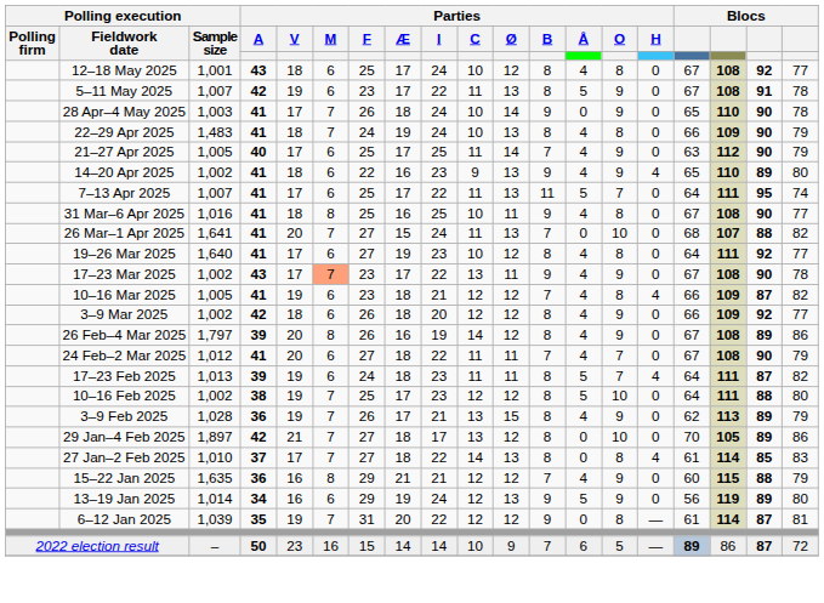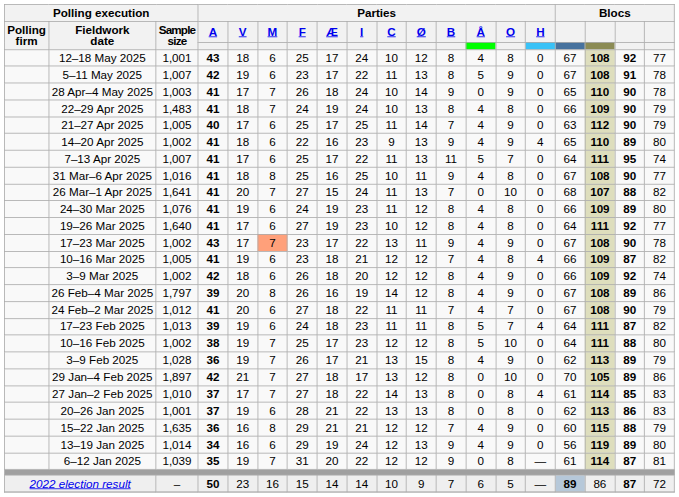 <table class="wikitable sortable mw-datatable" style="text-align:center;font-size:90%;line-height:14px;">
 <tr>
 <th colspan="3"><strong>Polling execution</strong></th>
 <th colspan="12">Parties</th>
 <th colspan="4">Blocs</th>
 </tr>
 <tr>
 <th rowspan="2">Polling<br>firm</th>
 <th rowspan="2">Fieldwork<br>date</th>
 <th rowspan="2" class="unsortable" style="letter-spacing:-1px;">Sample<br>size</th>
 <th class="unsortable" style="width:30px;"><a href='#'>A</a></th>
 <th class="unsortable" style="width:30px;"><a href='#'>V</a></th>
 <th class="unsortable" style="width:30px;"><a href='#'>M</a></th>
 <th class="unsortable" style="width:30px;"><a href='#'>F</a></th>
 <th class="unsortable" style="width:30px;"><a href='#'>Æ</a></th>
 <th class="unsortable" style="width:30px;"><a href='#'>I</a></th>
 <th class="unsortable" style="width:30px;"><a href='#'>C</a></th>
 <th class="unsortable" style="width:30px;"><a href='#'>Ø</a></th>
 <th class="unsortable" style="width:30px;"><a href='#'>B</a></th>
 <th class="unsortable" style="width:30px;"><a href='#'>Å</a></th>
 <th class="unsortable" style="width:30px;"><a href='#'>O</a></th>
 <th class="unsortable" style="width:30px;"><a href='#'>H</a></th>
 <th class="unsortable" style="width:30px;"></th>
 <th class="unsortable" style="width:30px;"></th>
 <th class="unsortable" style="width:30px;"></th>
 <th class="unsortable" style="width:30px;"></th>
 </tr>
 <tr>
 <th data-sort-type="number" style="background:"></th>
 <th data-sort-type="number" style="background:"></th>
 <th data-sort-type="number" style="background:"></th>
 <th data-sort-type="number" style="background:"></th>
 <th data-sort-type="number" style="background:"></th>
 <th data-sort-type="number" style="background:"></th>
 <th data-sort-type="number" style="background:"></th>
 <th data-sort-type="number" style="background:"></th>
 <th data-sort-type="number" style="background:"></th>
 <th data-sort-type="number" style="background:#00FF00;"></th>
 <th data-sort-type="number" style="background:"></th>
 <th data-sort-type="number" style="background:#39c2f7;"></th>
 <th data-sort-type="number" style="background:#47729E;"></th>
 <th data-sort-type="number" style="background:#8B8B54;"></th>
 <th data-sort-type="number" style="background:"></th>
 <th data-sort-type="number" style="background:"></th>
 </tr>
 <tr>
 <td></td>
 <td>12–18 May 2025</td>
 <td>1,001</td>
 <td><strong>43</strong></td>
 <td>18</td>
 <td>6</td>
 <td>25</td>
 <td>17</td>
 <td>24</td>
 <td>10</td>
 <td>12</td>
 <td>8</td>
 <td>4</td>
 <td>8</td>
 <td>0</td>
 <td>67</td>
 <td style="background:#DEDEBD;"><strong>108</strong></td>
 <td><strong>92</strong></td>
 <td>77</td>
 </tr>
 <tr>
 <td></td>
 <td>5–11 May 2025</td>
 <td>1,007</td>
 <td><strong>42</strong></td>
 <td>19</td>
 <td>6</td>
 <td>23</td>
 <td>17</td>
 <td>22</td>
 <td>11</td>
 <td>13</td>
 <td>8</td>
 <td>5</td>
 <td>9</td>
 <td>0</td>
 <td>67</td>
 <td style="background:#DEDEBD;"><strong>108</strong></td>
 <td><strong>91</strong></td>
 <td>78</td>
 </tr>
 <tr>
 <td></td>
 <td>28 Apr–4 May 2025</td>
 <td>1,003</td>
 <td><strong>41</strong></td>
 <td>17</td>
 <td>7</td>
 <td>26</td>
 <td>18</td>
 <td>24</td>
 <td>10</td>
 <td>14</td>
 <td>9</td>
 <td>0</td>
 <td>9</td>
 <td>0</td>
 <td>65</td>
 <td style="background:#DEDEBD;"><strong>110</strong></td>
 <td><strong>90</strong></td>
 <td>78</td>
 </tr>
 <tr>
 <td></td>
 <td>22–29 Apr 2025</td>
 <td>1,483</td>
 <td><strong>41</strong></td>
 <td>18</td>
 <td>7</td>
 <td>24</td>
 <td>19</td>
 <td>24</td>
 <td>10</td>
 <td>13</td>
 <td>8</td>
 <td>4</td>
 <td>8</td>
 <td>0</td>
 <td>66</td>
 <td style="background:#DEDEBD;"><strong>109</strong></td>
 <td><strong>90</strong></td>
 <td>79</td>
 </tr>
 <tr>
 <td></td>
 <td>21–27 Apr 2025</td>
 <td>1,005</td>
 <td><strong>40</strong></td>
 <td>17</td>
 <td>6</td>
 <td>25</td>
 <td>17</td>
 <td>25</td>
 <td>11</td>
 <td>14</td>
 <td>7</td>
 <td>4</td>
 <td>9</td>
 <td>0</td>
 <td>63</td>
 <td style="background:#DEDEBD;"><strong>112</strong></td>
 <td><strong>90</strong></td>
 <td>79</td>
 </tr>
 <tr>
 <td></td>
 <td>14–20 Apr 2025</td>
 <td>1,002</td>
 <td><strong>41</strong></td>
 <td>18</td>
 <td>6</td>
 <td>22</td>
 <td>16</td>
 <td>23</td>
 <td>9</td>
 <td>13</td>
 <td>9</td>
 <td>4</td>
 <td>9</td>
 <td>4</td>
 <td>65</td>
 <td style="background:#DEDEBD;"><strong>110</strong></td>
 <td><strong>89</strong></td>
 <td>80</td>
 </tr>
 <tr>
 <td></td>
 <td>7–13 Apr 2025</td>
 <td>1,007</td>
 <td><strong>41</strong></td>
 <td>17</td>
 <td>6</td>
 <td>25</td>
 <td>17</td>
 <td>22</td>
 <td>11</td>
 <td>13</td>
 <td>11</td>
 <td>5</td>
 <td>7</td>
 <td>0</td>
 <td>64</td>
 <td style="background:#DEDEBD;"><strong>111</strong></td>
 <td><strong>95</strong></td>
 <td>74</td>
 </tr>
 <tr>
 <td></td>
 <td>31 Mar–6 Apr 2025</td>
 <td>1,016</td>
 <td><strong>41</strong></td>
 <td>18</td>
 <td>8</td>
 <td>25</td>
 <td>16</td>
 <td>25</td>
 <td>10</td>
 <td>11</td>
 <td>9</td>
 <td>4</td>
 <td>8</td>
 <td>0</td>
 <td>67</td>
 <td style="background:#DEDEBD;"><strong>108</strong></td>
 <td><strong>90</strong></td>
 <td>77</td>
 </tr>
 <tr>
 <td></td>
 <td>26 Mar–1 Apr 2025</td>
 <td>1,641</td>
 <td><strong>41</strong></td>
 <td>20</td>
 <td>7</td>
 <td>27</td>
 <td>15</td>
 <td>24</td>
 <td>11</td>
 <td>13</td>
 <td>7</td>
 <td>0</td>
 <td>10</td>
 <td>0</td>
 <td>68</td>
 <td style="background:#DEDEBD;"><strong>107</strong></td>
 <td><strong>88</strong></td>
 <td>82</td>
 </tr>
 <tr>
 <td></td>
+<td>24–30 Mar 2025</td>
+<td>1,076</td>
+<td><strong>41</strong></td>
+<td>19</td>
+<td>6</td>
+<td>24</td>
+<td>19</td>
+<td>23</td>
+<td>11</td>
+<td>12</td>
+<td>8</td>
+<td>4</td>
+<td>8</td>
+<td>0</td>
+<td>66</td>
+<td style="background:#DEDEBD;"><strong>109</strong></td>
+<td><strong>89</strong></td>
+<td>80</td>
+</tr>
+<tr>
+<td></td>
 <td>19–26 Mar 2025</td>
 <td>1,640</td>
 <td><strong>41</strong></td>
 <td>17</td>
 <td>6</td>
 <td>27</td>
 <td>19</td>
 <td>23</td>
 <td>10</td>
 <td>12</td>
 <td>8</td>
 <td>4</td>
 <td>8</td>
 <td>0</td>
 <td>64</td>
 <td style="background:#DEDEBD;"><strong>111</strong></td>
 <td><strong>92</strong></td>
 <td>77</td>
 </tr>
 <tr>
 <td></td>
 <td>17–23 Mar 2025</td>
 <td>1,002</td>
 <td><strong>43</strong></td>
 <td>17</td>
 <td style="background: lightsalmon;">7</td>
 <td>23</td>
 <td>17</td>
 <td>22</td>
 <td>13</td>
 <td>11</td>
 <td>9</td>
 <td>4</td>
 <td>9</td>
 <td>0</td>
 <td>67</td>
 <td style="background:#DEDEBD;"><strong>108</strong></td>
 <td><strong>90</strong></td>
 <td>78</td>
 </tr>
 <tr>
 <td></td>
 <td>10–16 Mar 2025</td>
 <td>1,005</td>
 <td><strong>41</strong></td>
 <td>19</td>
 <td>6</td>
 <td>23</td>
 <td>18</td>
 <td>21</td>
 <td>12</td>
 <td>12</td>
 <td>7</td>
 <td>4</td>
 <td>8</td>
 <td>4</td>
 <td>66</td>
 <td style="background:#DEDEBD;"><strong>109</strong></td>
 <td><strong>87</strong></td>
 <td>82</td>
 </tr>
 <tr>
 <td></td>
 <td>3–9 Mar 2025</td>
 <td>1,002</td>
 <td><strong>42</strong></td>
 <td>18</td>
 <td>6</td>
 <td>26</td>
 <td>18</td>
 <td>20</td>
 <td>12</td>
 <td>12</td>
 <td>8</td>
 <td>4</td>
 <td>9</td>
 <td>0</td>
 <td>66</td>
 <td style="background:#DEDEBD;"><strong>109</strong></td>
 <td><strong>92</strong></td>
-<td>77</td>
+<td>74</td>
 </tr>
 <tr>
 <td></td>
 <td>26 Feb–4 Mar 2025</td>
 <td>1,797</td>
 <td><strong>39</strong></td>
 <td>20</td>
 <td>8</td>
 <td>26</td>
 <td>16</td>
 <td>19</td>
 <td>14</td>
 <td>12</td>
 <td>8</td>
 <td>4</td>
 <td>9</td>
 <td>0</td>
 <td>67</td>
 <td style="background:#DEDEBD;"><strong>108</strong></td>
 <td><strong>89</strong></td>
 <td>86</td>
 </tr>
 <tr>
 <td></td>
 <td>24 Feb–2 Mar 2025</td>
 <td>1,012</td>
 <td><strong>41</strong></td>
 <td>20</td>
 <td>6</td>
 <td>27</td>
 <td>18</td>
 <td>22</td>
 <td>11</td>
 <td>11</td>
 <td>7</td>
 <td>4</td>
 <td>7</td>
 <td>0</td>
 <td>67</td>
 <td style="background:#DEDEBD;"><strong>108</strong></td>
 <td><strong>90</strong></td>
 <td>79</td>
 </tr>
 <tr>
 <td></td>
 <td>17–23 Feb 2025</td>
 <td>1,013</td>
 <td><strong>39</strong></td>
 <td>19</td>
 <td>6</td>
 <td>24</td>
 <td>18</td>
 <td>23</td>
 <td>11</td>
 <td>11</td>
 <td>8</td>
 <td>5</td>
 <td>7</td>
 <td>4</td>
 <td>64</td>
 <td style="background:#DEDEBD;"><strong>111</strong></td>
 <td><strong>87</strong></td>
 <td>82</td>
 </tr>
 <tr>
 <td></td>
 <td>10–16 Feb 2025</td>
 <td>1,002</td>
 <td><strong>38</strong></td>
 <td>19</td>
 <td>7</td>
 <td>25</td>
 <td>17</td>
 <td>23</td>
 <td>12</td>
 <td>12</td>
 <td>8</td>
 <td>5</td>
 <td>10</td>
 <td>0</td>
 <td>64</td>
 <td style="background:#DEDEBD;"><strong>111</strong></td>
 <td><strong>88</strong></td>
 <td>80</td>
 </tr>
 <tr>
 <td></td>
 <td>3–9 Feb 2025</td>
 <td>1,028</td>
 <td><strong>36</strong></td>
 <td>19</td>
 <td>7</td>
 <td>26</td>
 <td>17</td>
 <td>21</td>
 <td>13</td>
 <td>15</td>
 <td>8</td>
 <td>4</td>
 <td>9</td>
 <td>0</td>
 <td>62</td>
 <td style="background:#DEDEBD;"><strong>113</strong></td>
 <td><strong>89</strong></td>
 <td>79</td>
 </tr>
 <tr>
 <td></td>
 <td>29 Jan–4 Feb 2025</td>
 <td>1,897</td>
 <td><strong>42</strong></td>
 <td>21</td>
 <td>7</td>
 <td>27</td>
 <td>18</td>
 <td>17</td>
 <td>13</td>
 <td>12</td>
 <td>8</td>
 <td>0</td>
 <td>10</td>
 <td>0</td>
 <td>70</td>
 <td style="background:#DEDEBD;"><strong>105</strong></td>
 <td><strong>89</strong></td>
 <td>86</td>
 </tr>
 <tr>
 <td></td>
 <td>27 Jan–2 Feb 2025</td>
 <td>1,010</td>
 <td><strong>37</strong></td>
 <td>17</td>
 <td>7</td>
 <td>27</td>
 <td>18</td>
 <td>22</td>
 <td>14</td>
 <td>13</td>
 <td>8</td>
 <td>0</td>
 <td>8</td>
 <td>4</td>
 <td>61</td>
 <td style="background:#DEDEBD;"><strong>114</strong></td>
 <td><strong>85</strong></td>
 <td>83</td>
 </tr>
 <tr>
 <td></td>
+<td>20–26 Jan 2025</td>
+<td>1,001</td>
+<td><strong>37</strong></td>
+<td>19</td>
+<td>6</td>
+<td>28</td>
+<td>21</td>
+<td>22</td>
+<td>13</td>
+<td>13</td>
+<td>8</td>
+<td>0</td>
+<td>8</td>
+<td>0</td>
+<td>62</td>
+<td style="background:#DEDEBD;"><strong>113</strong></td>
+<td><strong>86</strong></td>
+<td>83</td>
+</tr>
+<tr>
+<td></td>
 <td>15–22 Jan 2025</td>
 <td>1,635</td>
 <td><strong>36</strong></td>
 <td>16</td>
 <td>8</td>
 <td>29</td>
 <td>21</td>
 <td>21</td>
 <td>12</td>
 <td>12</td>
 <td>7</td>
 <td>4</td>
 <td>9</td>
 <td>0</td>
 <td>60</td>
 <td style="background:#DEDEBD;"><strong>115</strong></td>
 <td><strong>88</strong></td>
 <td>79</td>
 </tr>
 <tr>
 <td></td>
 <td>13–19 Jan 2025</td>
 <td>1,014</td>
 <td><strong>34</strong></td>
 <td>16</td>
 <td>6</td>
 <td>29</td>
 <td>19</td>
 <td>24</td>
 <td>12</td>
 <td>13</td>
 <td>9</td>
-<td>5</td>
+<td>4</td>
 <td>9</td>
 <td>0</td>
 <td>56</td>
 <td style="background:#DEDEBD;"><strong>119</strong></td>
 <td><strong>89</strong></td>
 <td>80</td>
 </tr>
 <tr>
 <td></td>
 <td>6–12 Jan 2025</td>
 <td>1,039</td>
 <td><strong>35</strong></td>
 <td>19</td>
 <td>7</td>
 <td>31</td>
 <td>20</td>
 <td>22</td>
 <td>12</td>
 <td>12</td>
 <td>9</td>
 <td>0</td>
 <td>8</td>
 <td>—</td>
 <td>61</td>
 <td style="background:#DEDEBD;"><strong>114</strong></td>
 <td><strong>87</strong></td>
 <td>81</td>
 </tr>
 <tr>
 <td colspan="19" style="background:#A0A0A0"></td>
 </tr>
 <tr style="background:#EFEFEF;">
 <td colspan="2"><em><a href='#'>2022 election result</a></em></td>
 <td>–</td>
 <td><strong>50</strong></td>
 <td>23</td>
 <td>16</td>
 <td>15</td>
 <td>14</td>
 <td>14</td>
 <td>10</td>
 <td>9</td>
 <td>7</td>
 <td>6</td>
 <td>5</td>
 <td>—</td>
 <td style="background:#B6C8D9;"><strong>89</strong></td>
 <td>86</td>
 <td><strong>87</strong></td>
 <td>72</td>
 </tr>
 <tr>
 </tr>
 </table>
